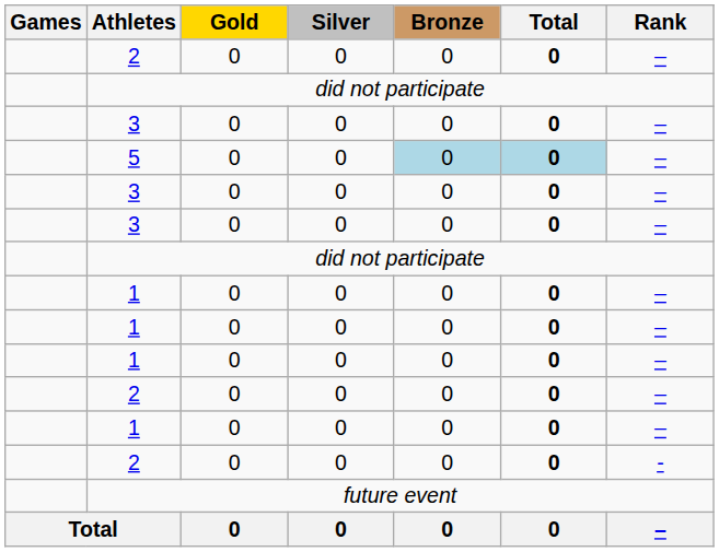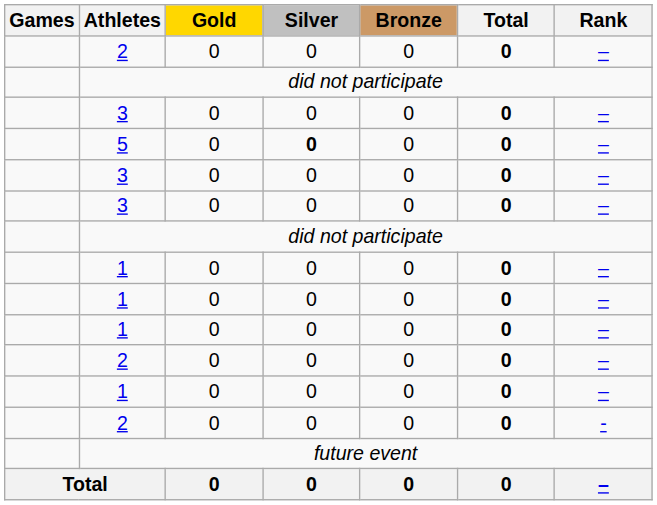 <table class="wikitable" style="text-align:center; font-size:90%;">
 <tr>
 <th>Games</th>
 <th>Athletes</th>
 <td style="background:gold; width:4.5em; font-weight:bold;">Gold</td>
 <td style="background:silver; width:4.5em; font-weight:bold;">Silver</td>
 <td style="background:#cc9966; width:4.5em; font-weight:bold;">Bronze</td>
 <th style="width:4.5em; font-weight:bold;">Total</th>
 <th style="width:4.5em; font-weight:bold;">Rank</th>
 </tr>
 <tr>
 <td align=left></td>
 <td><a href='#'>2</a></td>
 <td>0</td>
 <td>0</td>
 <td>0</td>
 <td><strong>0</strong></td>
 <td><a href='#'>–</a></td>
 </tr>
 <tr>
 <td align=left></td>
 <td colspan=6><em>did not participate</em></td>
 </tr>
 <tr>
 <td align=left></td>
 <td><a href='#'>3</a></td>
 <td>0</td>
 <td>0</td>
 <td>0</td>
 <td><strong>0</strong></td>
 <td><a href='#'>–</a></td>
 </tr>
 <tr>
 <td align=left></td>
 <td><a href='#'>5</a></td>
 <td>0</td>
+<td><strong>0</strong></td>
 <td>0</td>
-<td style="background: lightblue;">0</td>
-<td style="background: lightblue;"><strong>0</strong></td>
+<td><strong>0</strong></td>
 <td><a href='#'>–</a></td>
 </tr>
 <tr>
 <td align=left></td>
 <td><a href='#'>3</a></td>
 <td>0</td>
 <td>0</td>
 <td>0</td>
 <td><strong>0</strong></td>
 <td><a href='#'>–</a></td>
 </tr>
 <tr>
 <td align=left></td>
 <td><a href='#'>3</a></td>
 <td>0</td>
 <td>0</td>
 <td>0</td>
 <td><strong>0</strong></td>
 <td><a href='#'>–</a></td>
 </tr>
 <tr>
 <td align=left></td>
 <td colspan=6><em>did not participate</em></td>
 </tr>
 <tr>
 <td align=left></td>
 <td><a href='#'>1</a></td>
 <td>0</td>
 <td>0</td>
 <td>0</td>
 <td><strong>0</strong></td>
 <td><a href='#'>–</a></td>
 </tr>
 <tr>
 <td align=left></td>
 <td><a href='#'>1</a></td>
 <td>0</td>
 <td>0</td>
 <td>0</td>
 <td><strong>0</strong></td>
 <td><a href='#'>–</a></td>
 </tr>
 <tr>
 <td align=left></td>
 <td><a href='#'>1</a></td>
 <td>0</td>
 <td>0</td>
 <td>0</td>
 <td><strong>0</strong></td>
 <td><a href='#'>–</a></td>
 </tr>
 <tr>
 <td align=left></td>
 <td><a href='#'>2</a></td>
 <td>0</td>
 <td>0</td>
 <td>0</td>
 <td><strong>0</strong></td>
 <td><a href='#'>–</a></td>
 </tr>
 <tr>
 <td align=left></td>
 <td><a href='#'>1</a></td>
 <td>0</td>
 <td>0</td>
 <td>0</td>
 <td><strong>0</strong></td>
 <td><a href='#'>–</a></td>
 </tr>
 <tr>
 <td align=left></td>
 <td><a href='#'>2</a></td>
 <td>0</td>
 <td>0</td>
 <td>0</td>
 <td><strong>0</strong></td>
 <td><a href='#'>-</a></td>
 </tr>
 <tr>
 <td align=left></td>
 <td colspan=6><em>future event</em></td>
 </tr>
 <tr>
 <th colspan=2>Total</th>
 <th>0</th>
 <th>0</th>
 <th>0</th>
 <th>0</th>
 <th><a href='#'>–</a></th>
 </tr>
 </table>
